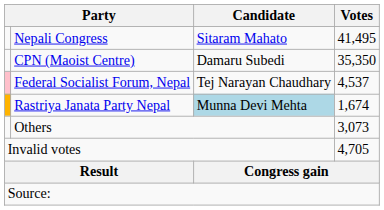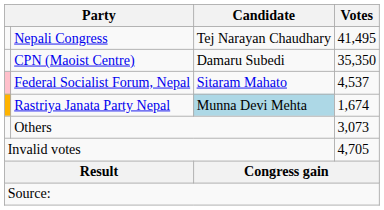 <table class="wikitable">
 <tr>
 <th colspan="2">Party</th>
 <th>Candidate</th>
 <th>Votes</th>
 </tr>
 <tr>
 <td style="background-color:"></td>
 <td><a href='#'>Nepali Congress</a></td>
-<td><a href='#'>Sitaram Mahato</a></td>
+<td>Tej Narayan Chaudhary</td>
 <td>41,495</td>
 </tr>
 <tr>
 <td style="background-color:"></td>
 <td><a href='#'>CPN (Maoist Centre)</a></td>
 <td>Damaru Subedi</td>
 <td>35,350</td>
 </tr>
 <tr>
 <td style="background-color:#ffc0cb"></td>
 <td><a href='#'>Federal Socialist Forum, Nepal</a></td>
-<td>Tej Narayan Chaudhary</td>
+<td><a href='#'>Sitaram Mahato</a></td>
 <td>4,537</td>
 </tr>
 <tr>
 <td style="background-color:#ffb300"></td>
 <td><a href='#'>Rastriya Janata Party Nepal</a></td>
 <td style="background: lightblue;">Munna Devi Mehta</td>
 <td>1,674</td>
 </tr>
 <tr>
 <td></td>
 <td colspan="2">Others</td>
 <td>3,073</td>
 </tr>
 <tr>
 <td colspan="3">Invalid votes</td>
 <td>4,705</td>
 </tr>
 <tr>
 <th colspan="2">Result</th>
 <th colspan="2">Congress gain</th>
 </tr>
 <tr>
 <td colspan="4">Source: </td>
 </tr>
 </table>
